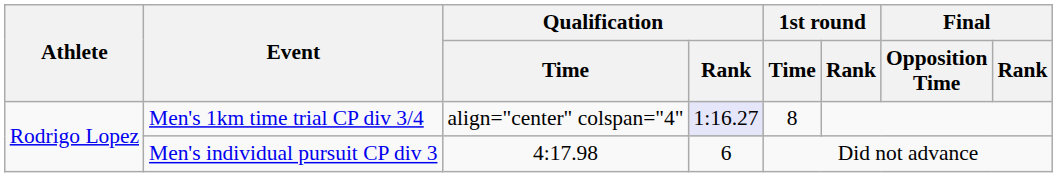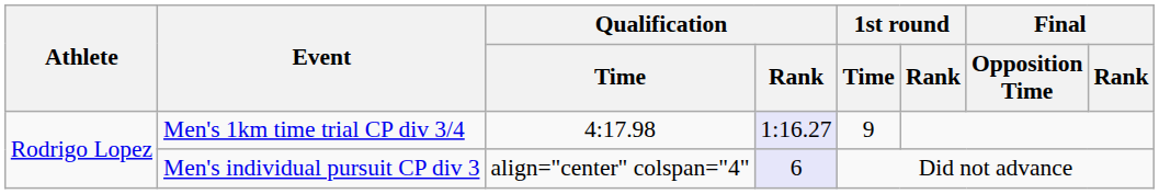 <table class=wikitable style="font-size:90%">
 <tr>
 <th rowspan="2">Athlete</th>
 <th rowspan="2">Event</th>
 <th colspan="2">Qualification</th>
 <th colspan="2">1st round</th>
 <th colspan="2">Final</th>
 </tr>
 <tr>
 <th>Time</th>
 <th>Rank</th>
 <th>Time</th>
 <th>Rank</th>
 <th>Opposition<br>Time</th>
 <th>Rank</th>
 </tr>
 <tr>
 <td rowspan="2"><a href='#'>Rodrigo Lopez</a></td>
 <td><a href='#'>Men's 1km time trial CP div 3/4</a></td>
-<td>align="center" colspan="4" </td>
+<td align="center">4:17.98</td>
 <td align="center" style="background: lavender;">1:16.27</td>
-<td align="center">8</td>
+<td align="center">9</td>
 </tr>
 <tr>
 <td><a href='#'>Men's individual pursuit CP div 3</a></td>
-<td align="center">4:17.98</td>
-<td align="center">6</td>
+<td>align="center" colspan="4" </td>
+<td align="center" style="background: lavender;">6</td>
 <td align="center" colspan="4">Did not advance</td>
 </tr>
 </table>
